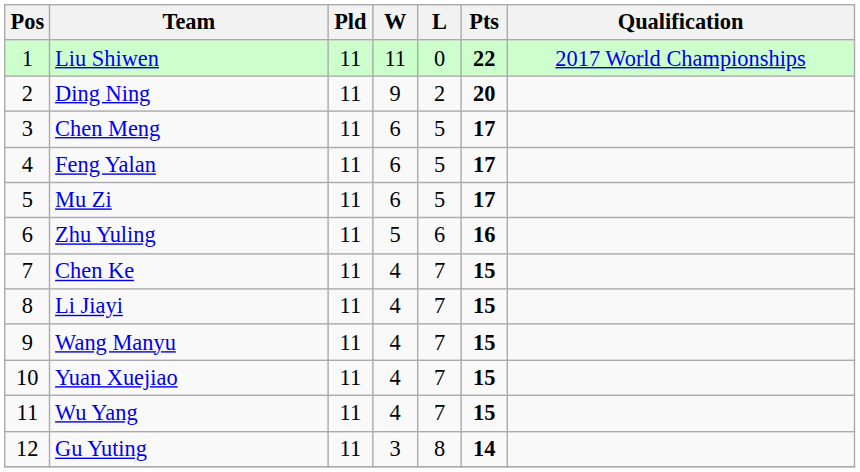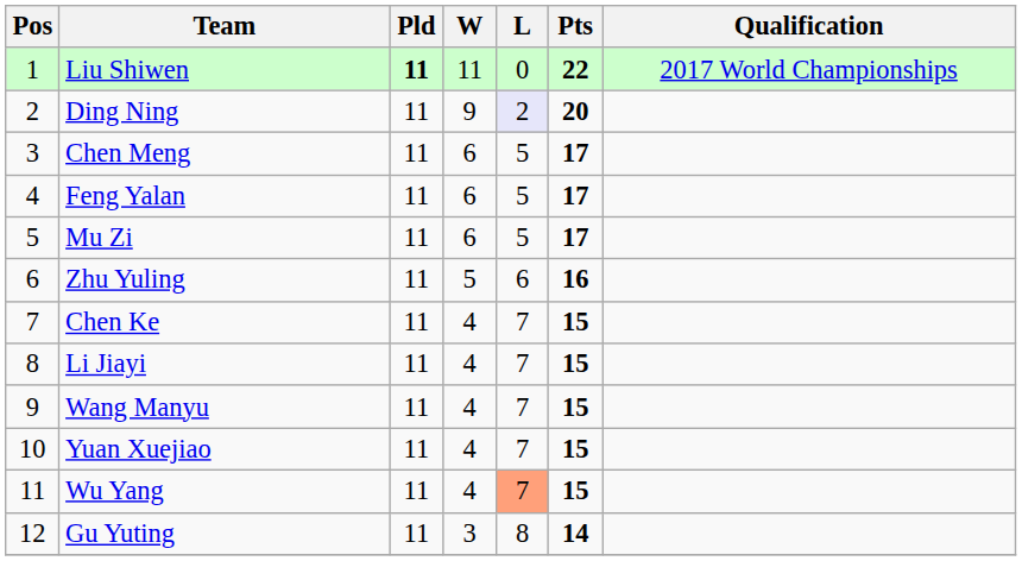 <table class="wikitable" style="text-align:center">
 <tr>
 <th width=25>Pos</th>
 <th width=200>Team</th>
 <th width=25>Pld</th>
 <th width=25>W</th>
 <th width=25>L</th>
 <th width=25>Pts</th>
 <th width=250>Qualification</th>
 </tr>
 <tr bgcolor=ccffcc>
 <td>1</td>
 <td style="text-align:left;"><a href='#'>Liu Shiwen</a></td>
-<td>11</td>
+<td><strong>11</strong></td>
 <td>11</td>
 <td>0</td>
 <td><strong>22</strong></td>
 <td style="text-align:center;"><a href='#'>2017 World Championships</a></td>
 </tr>
 <tr>
 <td>2</td>
 <td style="text-align:left;"><a href='#'>Ding Ning</a></td>
 <td>11</td>
 <td>9</td>
-<td>2</td>
+<td style="background: lavender;">2</td>
 <td><strong>20</strong></td>
 <td></td>
 </tr>
 <tr>
 <td>3</td>
 <td style="text-align:left;"><a href='#'>Chen Meng</a></td>
 <td>11</td>
 <td>6</td>
 <td>5</td>
 <td><strong>17</strong></td>
 <td></td>
 </tr>
 <tr>
 <td>4</td>
 <td style="text-align:left;"><a href='#'>Feng Yalan</a></td>
 <td>11</td>
 <td>6</td>
 <td>5</td>
 <td><strong>17</strong></td>
 <td></td>
 </tr>
 <tr>
 <td>5</td>
 <td style="text-align:left;"><a href='#'>Mu Zi</a></td>
 <td>11</td>
 <td>6</td>
 <td>5</td>
 <td><strong>17</strong></td>
 <td></td>
 </tr>
 <tr>
 <td>6</td>
 <td style="text-align:left;"><a href='#'>Zhu Yuling</a></td>
 <td>11</td>
 <td>5</td>
 <td>6</td>
 <td><strong>16</strong></td>
 <td></td>
 </tr>
 <tr>
 <td>7</td>
 <td style="text-align:left;"><a href='#'>Chen Ke</a></td>
 <td>11</td>
 <td>4</td>
 <td>7</td>
 <td><strong>15</strong></td>
 <td></td>
 </tr>
 <tr>
 <td>8</td>
 <td style="text-align:left;"><a href='#'>Li Jiayi</a></td>
 <td>11</td>
 <td>4</td>
 <td>7</td>
 <td><strong>15</strong></td>
 <td></td>
 </tr>
 <tr>
 <td>9</td>
 <td style="text-align:left;"><a href='#'>Wang Manyu</a></td>
 <td>11</td>
 <td>4</td>
 <td>7</td>
 <td><strong>15</strong></td>
 <td></td>
 </tr>
 <tr>
 <td>10</td>
 <td style="text-align:left;"><a href='#'>Yuan Xuejiao</a></td>
 <td>11</td>
 <td>4</td>
 <td>7</td>
 <td><strong>15</strong></td>
 <td></td>
 </tr>
 <tr>
 <td>11</td>
 <td style="text-align:left;"><a href='#'>Wu Yang</a></td>
 <td>11</td>
 <td>4</td>
-<td>7</td>
+<td style="background: lightsalmon;">7</td>
 <td><strong>15</strong></td>
 <td></td>
 </tr>
 <tr>
 <td>12</td>
 <td style="text-align:left;"><a href='#'>Gu Yuting</a></td>
 <td>11</td>
 <td>3</td>
 <td>8</td>
 <td><strong>14</strong></td>
 <td></td>
 </tr>
 <tr>
 </tr>
 </table>
